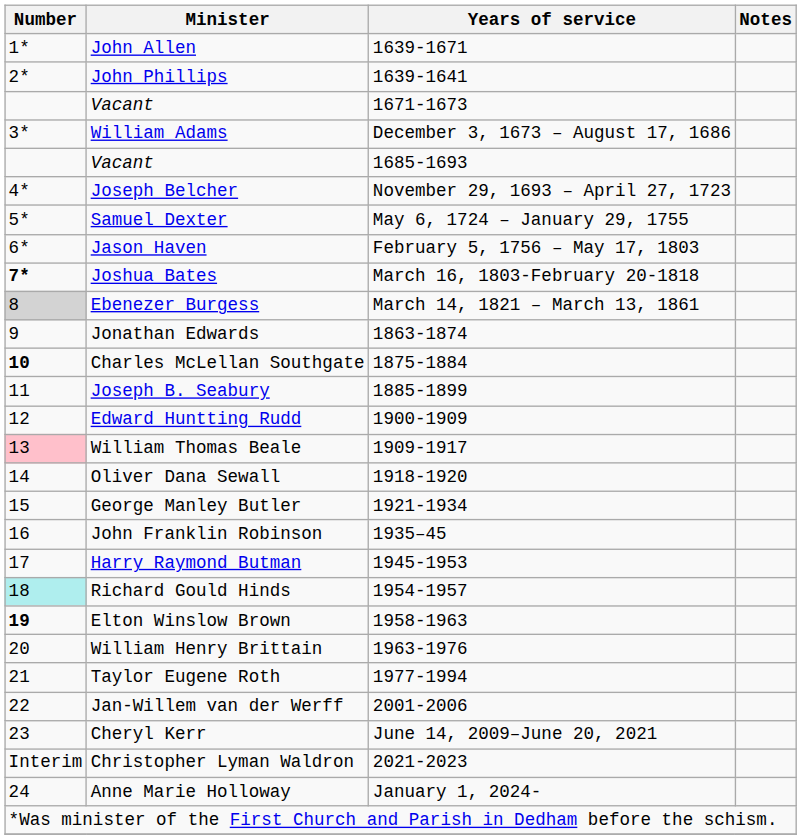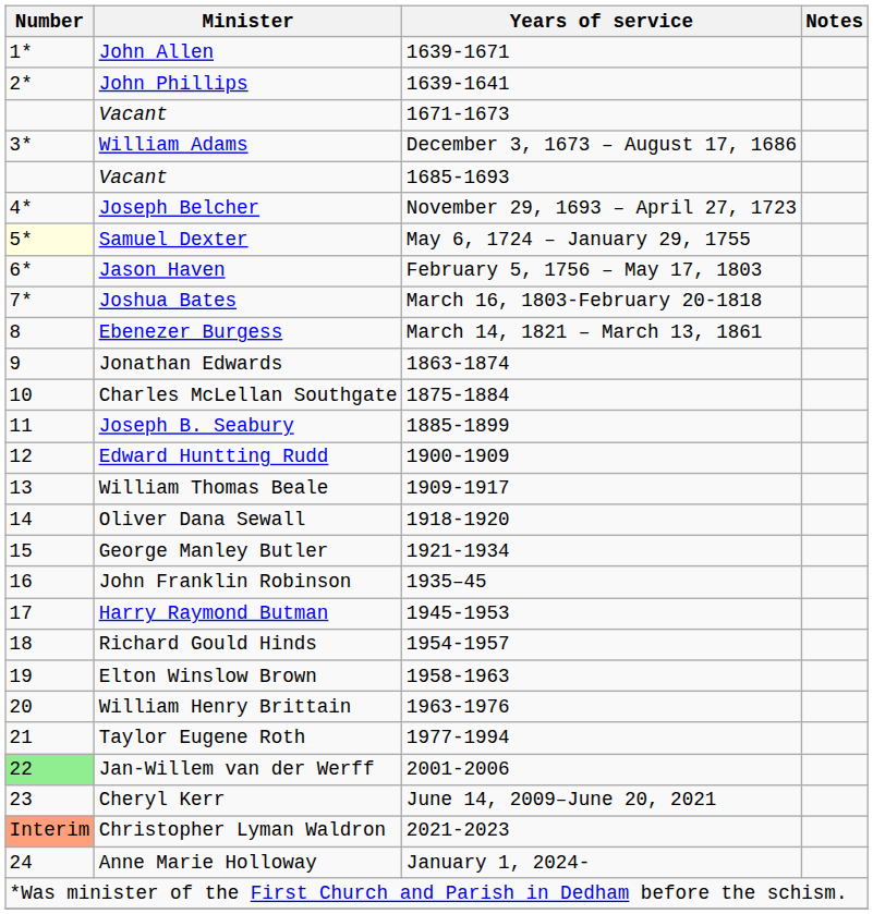 <table class="wikitable" style="float: right; margin-left: 1em; ">
 <tr>
 <th>Number</th>
 <th>Minister</th>
 <th>Years of service</th>
 <th>Notes</th>
 </tr>
 <tr>
 <td>1*</td>
 <td><a href='#'>John Allen</a></td>
 <td>1639-1671</td>
 <td></td>
 </tr>
 <tr>
 <td>2*</td>
 <td><a href='#'>John Phillips</a></td>
 <td>1639-1641</td>
 <td></td>
 </tr>
 <tr>
 <td></td>
 <td><em>Vacant</em></td>
 <td>1671-1673</td>
 <td></td>
 </tr>
 <tr>
 <td>3*</td>
 <td><a href='#'>William Adams</a></td>
 <td>December 3, 1673 – August 17, 1686</td>
 <td></td>
 </tr>
 <tr>
 <td></td>
 <td><em>Vacant</em></td>
 <td>1685-1693</td>
 <td></td>
 </tr>
 <tr>
 <td>4*</td>
 <td><a href='#'>Joseph Belcher</a></td>
 <td>November 29, 1693 – April 27, 1723</td>
 <td></td>
 </tr>
 <tr>
-<td>5*</td>
+<td style="background: lightyellow;">5*</td>
 <td><a href='#'>Samuel Dexter</a></td>
 <td>May 6, 1724 – January 29, 1755</td>
 <td></td>
 </tr>
 <tr>
 <td>6*</td>
 <td><a href='#'>Jason Haven</a></td>
 <td>February 5, 1756 – May 17, 1803</td>
 <td></td>
 </tr>
 <tr>
-<td><strong>7*</strong></td>
+<td>7*</td>
 <td><a href='#'>Joshua Bates</a></td>
 <td>March 16, 1803-February 20-1818</td>
 <td></td>
 </tr>
 <tr>
-<td style="background: lightgrey;">8</td>
+<td>8</td>
 <td><a href='#'>Ebenezer Burgess</a></td>
 <td>March 14, 1821 – March 13,  1861</td>
 <td></td>
 </tr>
 <tr>
 <td>9</td>
 <td>Jonathan Edwards</td>
 <td>1863-1874</td>
 <td></td>
 </tr>
 <tr>
-<td><strong>10</strong></td>
+<td>10</td>
 <td>Charles McLellan Southgate</td>
 <td>1875-1884</td>
 <td></td>
 </tr>
 <tr>
 <td>11</td>
 <td><a href='#'>Joseph B. Seabury</a></td>
 <td>1885-1899</td>
 <td></td>
 </tr>
 <tr>
 <td>12</td>
 <td><a href='#'>Edward Huntting Rudd</a></td>
 <td>1900-1909</td>
 <td></td>
 </tr>
 <tr>
-<td style="background: pink;">13</td>
+<td>13</td>
 <td>William Thomas Beale</td>
 <td>1909-1917</td>
 <td></td>
 </tr>
 <tr>
 <td>14</td>
 <td>Oliver Dana Sewall</td>
 <td>1918-1920</td>
 <td></td>
 </tr>
 <tr>
 <td>15</td>
 <td>George Manley Butler</td>
 <td>1921-1934</td>
 <td></td>
 </tr>
 <tr>
 <td>16</td>
 <td>John Franklin Robinson</td>
 <td>1935–45</td>
 <td></td>
 </tr>
 <tr>
 <td>17</td>
 <td><a href='#'>Harry Raymond Butman</a></td>
 <td>1945-1953</td>
 <td></td>
 </tr>
 <tr>
-<td style="background: paleturquoise;">18</td>
+<td>18</td>
 <td>Richard Gould Hinds</td>
 <td>1954-1957</td>
 <td></td>
 </tr>
 <tr>
-<td><strong>19</strong></td>
+<td>19</td>
 <td>Elton Winslow Brown</td>
 <td>1958-1963</td>
 <td></td>
 </tr>
 <tr>
 <td>20</td>
 <td>William Henry Brittain</td>
 <td>1963-1976</td>
 <td></td>
 </tr>
 <tr>
 <td>21</td>
 <td>Taylor Eugene Roth</td>
 <td>1977-1994</td>
 <td></td>
 </tr>
 <tr>
-<td>22</td>
+<td style="background: lightgreen;">22</td>
 <td>Jan-Willem van der Werff</td>
 <td>2001-2006</td>
 <td></td>
 </tr>
 <tr>
 <td>23</td>
 <td>Cheryl Kerr</td>
 <td>June 14, 2009–June 20, 2021</td>
 <td></td>
 </tr>
 <tr>
-<td>Interim</td>
+<td style="background: lightsalmon;">Interim</td>
 <td>Christopher Lyman Waldron</td>
 <td>2021-2023</td>
 <td></td>
 </tr>
 <tr>
 <td>24</td>
 <td>Anne Marie Holloway</td>
 <td>January 1, 2024-</td>
 <td></td>
 </tr>
 <tr>
 <td colspan="4">*Was minister of the <a href='#'>First Church and Parish in Dedham</a> before the schism.</td>
 </tr>
 <tr>
 </tr>
 </table>
